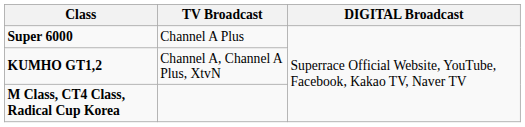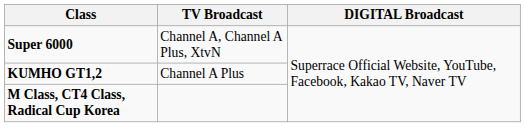 <table class="wikitable">
 <tr>
 <th><strong>Class</strong></th>
 <th><strong>TV   Broadcast</strong></th>
 <th><strong>DIGITAL Broadcast</strong></th>
 </tr>
 <tr>
 <td><strong>Super  6000</strong></td>
-<td>Channel A Plus</td>
+<td>Channel A, Channel A Plus,  XtvN</td>
 <td rowspan="3">Superrace  Official Website, YouTube, Facebook, Kakao TV, Naver TV</td>
 </tr>
 <tr>
 <td><strong>KUMHO  GT1,2</strong></td>
-<td>Channel A, Channel A Plus,  XtvN</td>
+<td>Channel A Plus</td>
 </tr>
 <tr>
 <td><strong>M  Class, CT4 Class, Radical Cup Korea</strong></td>
 <td></td>
 </tr>
 </table>
